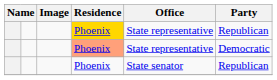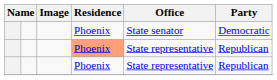 <table class="sortable wikitable">
 <tr valign=bottom>
 <th colspan="2">Name</th>
 <th>Image</th>
 <th>Residence</th>
 <th>Office</th>
 <th>Party</th>
 </tr>
 <tr>
 <th style="background-color:  "></th>
 <td></td>
 <td></td>
-<td style="background: gold;"><a href='#'>Phoenix</a></td>
+<td><a href='#'>Phoenix</a></td>
+<td><a href='#'>State senator</a></td>
+<td><a href='#'>Democratic</a></td>
+</tr>
+<tr>
+<th style="background-color:  "></th>
+<td></td>
+<td></td>
+<td style="background: lightsalmon;"><a href='#'>Phoenix</a></td>
 <td><a href='#'>State representative</a></td>
 <td><a href='#'>Republican</a></td>
 </tr>
 <tr>
 <th style="background-color:  "></th>
 <td></td>
 <td></td>
-<td style="background: lightsalmon;"><a href='#'>Phoenix</a></td>
+<td><a href='#'>Phoenix</a></td>
 <td><a href='#'>State representative</a></td>
-<td><a href='#'>Democratic</a></td>
-</tr>
-<tr>
-<th style="background-color:  "></th>
-<td></td>
-<td></td>
-<td><a href='#'>Phoenix</a></td>
-<td><a href='#'>State senator</a></td>
 <td><a href='#'>Republican</a></td>
 </tr>
 <tr>
 </tr>
 </table>
